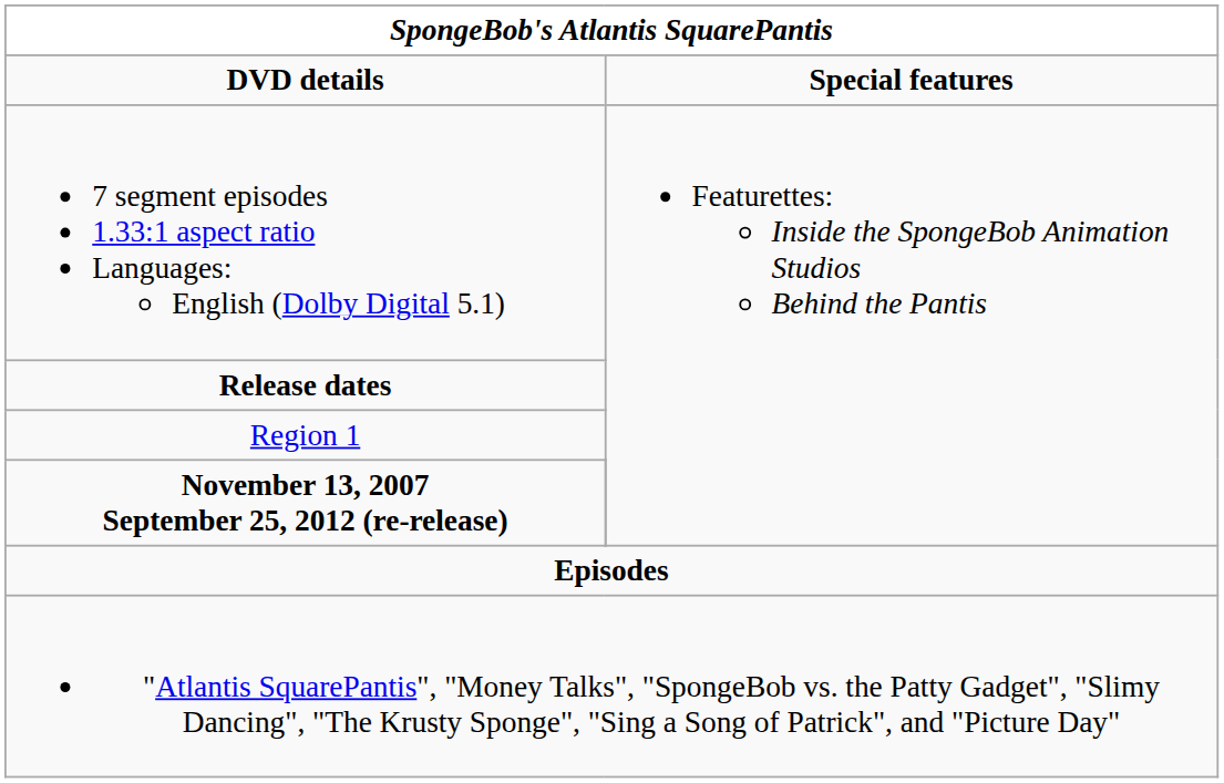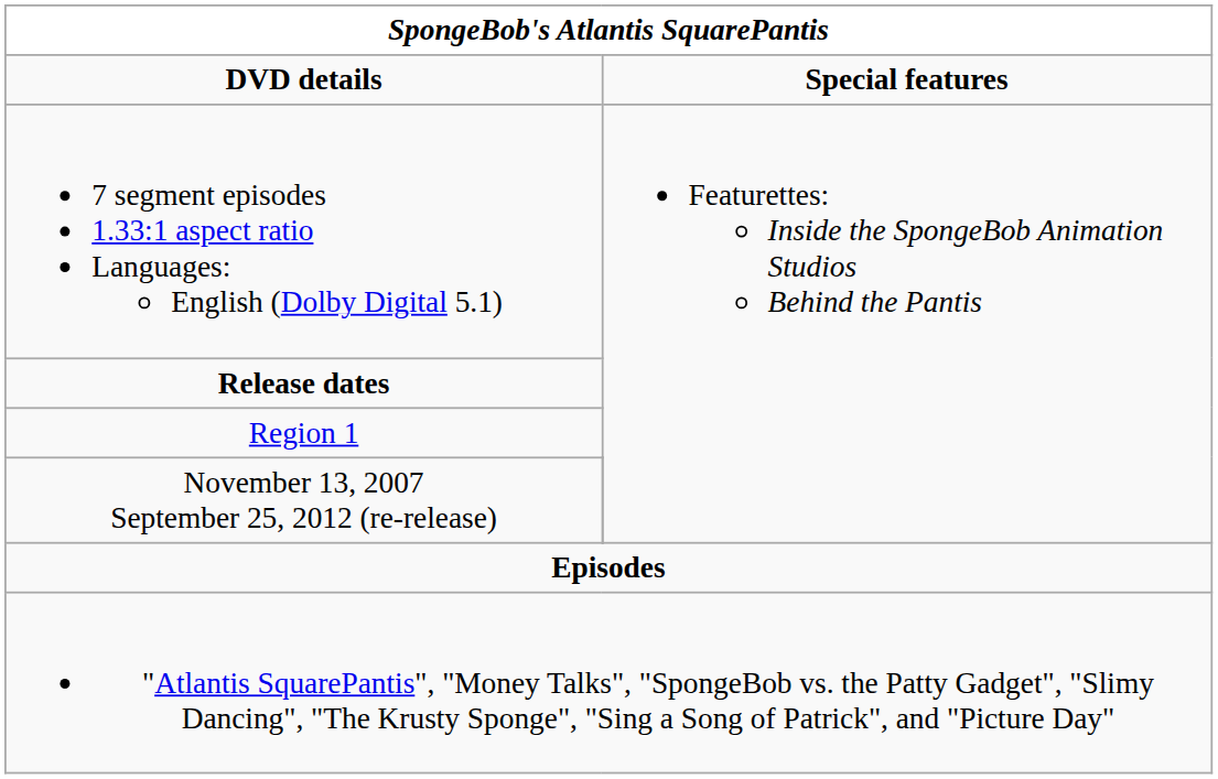 <table class="wikitable" style="font-size: 95%;">
 <tr style="background:#FFF; color:#000;">
 <td colspan="4" align="center"><strong><em>SpongeBob's Atlantis SquarePantis</em></strong></td>
 </tr>
 <tr valign="top">
 <td style="text-align:center; width:400px;" colspan="3"><strong>DVD details</strong></td>
 <td style="width:300px; text-align:center;"><strong>Special features</strong></td>
 </tr>
 <tr valign="top">
 <td colspan="3" style="text-align:left; width:400px;"><br><ul><li>7 segment episodes</li><li><a href='#'>1.33:1 aspect ratio</a></li><li>Languages:<ul><li>English (<a href='#'>Dolby Digital</a> 5.1)</li></ul></li></ul></td>
 <td rowspan="4" style="text-align:left; width:300px;"><br><ul><li>Featurettes:<ul><li><em>Inside the SpongeBob Animation Studios</em></li><li><em>Behind the Pantis</em></li></ul></li></ul></td>
 </tr>
 <tr>
 <td colspan="3" style="text-align:center;"><strong>Release dates</strong></td>
 </tr>
 <tr>
 <td colspan="3" style="text-align:center;"><a href='#'>Region 1</a></td>
 </tr>
 <tr style="text-align:center;">
-<td><strong>November 13, 2007<br>September 25, 2012 (re-release)</strong></td>
+<td>November 13, 2007<br>September 25, 2012 (re-release)</td>
 </tr>
 <tr>
 <td style="text-align:center; width:400px;" colspan="4"><strong>Episodes</strong></td>
 </tr>
 <tr>
 <td style="text-align:center; width:400px;" colspan="4"><br><ul><li>"<a href='#'>Atlantis SquarePantis</a>", "Money Talks", "SpongeBob vs. the Patty Gadget", "Slimy Dancing", "The Krusty Sponge", "Sing a Song of Patrick", and "Picture Day"</li></ul></td>
 </tr>
 </table>
